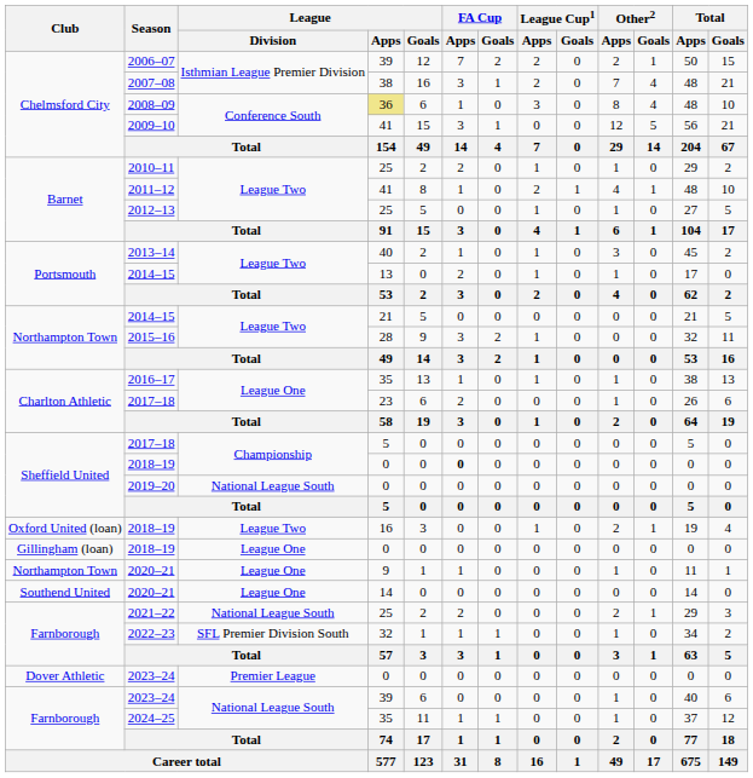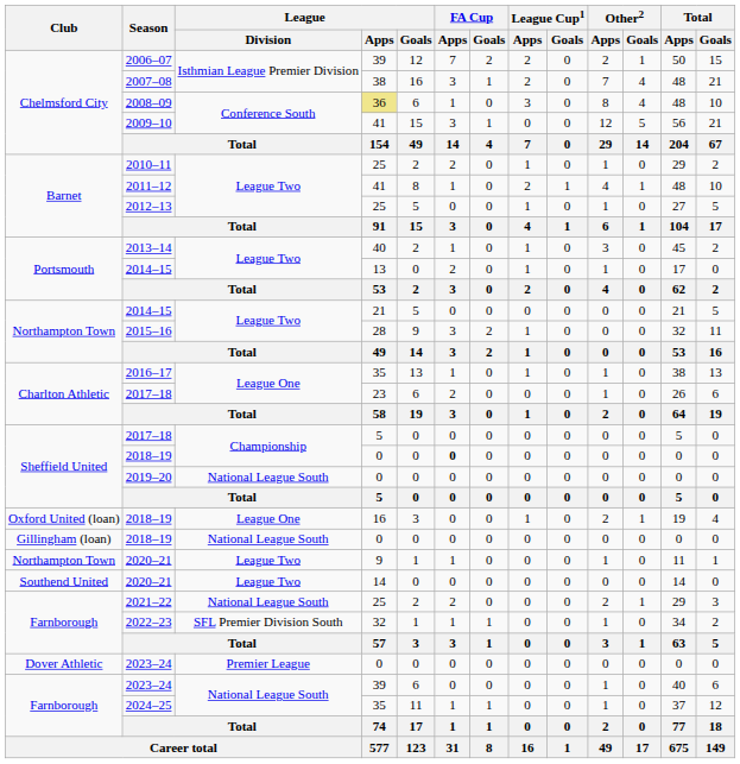 <table class="wikitable" style="text-align:center">
 <tr>
 <th rowspan="2">Club</th>
 <th rowspan="2">Season</th>
 <th colspan="3">League</th>
 <th colspan="2"><a href='#'>FA Cup</a></th>
 <th colspan="2">League Cup<sup>1</sup></th>
 <th colspan="2">Other<sup>2</sup></th>
 <th ! colspan="2">Total</th>
 </tr>
 <tr>
 <th>Division</th>
 <th>Apps</th>
 <th>Goals</th>
 <th>Apps</th>
 <th>Goals</th>
 <th>Apps</th>
 <th>Goals</th>
 <th>Apps</th>
 <th>Goals</th>
 <th>Apps</th>
 <th>Goals</th>
 </tr>
 <tr>
 <td rowspan="5"><a href='#'>Chelmsford City</a></td>
 <td><a href='#'>2006–07</a></td>
 <td rowspan="2"><a href='#'>Isthmian League</a> Premier Division</td>
 <td>39</td>
 <td>12</td>
 <td>7</td>
 <td>2</td>
 <td>2</td>
 <td>0</td>
 <td>2</td>
 <td>1</td>
 <td>50</td>
 <td>15</td>
 </tr>
 <tr>
 <td><a href='#'>2007–08</a></td>
 <td>38</td>
 <td>16</td>
 <td>3</td>
 <td>1</td>
 <td>2</td>
 <td>0</td>
 <td>7</td>
 <td>4</td>
 <td>48</td>
 <td>21</td>
 </tr>
 <tr>
 <td><a href='#'>2008–09</a></td>
 <td rowspan="2"><a href='#'>Conference South</a></td>
 <td style="background: khaki;">36</td>
 <td>6</td>
 <td>1</td>
 <td>0</td>
 <td>3</td>
 <td>0</td>
 <td>8</td>
 <td>4</td>
 <td>48</td>
 <td>10</td>
 </tr>
 <tr>
 <td><a href='#'>2009–10</a></td>
 <td>41</td>
 <td>15</td>
 <td>3</td>
 <td>1</td>
 <td>0</td>
 <td>0</td>
 <td>12</td>
 <td>5</td>
 <td>56</td>
 <td>21</td>
 </tr>
 <tr>
 <th colspan="2">Total</th>
 <th>154</th>
 <th>49</th>
 <th>14</th>
 <th>4</th>
 <th>7</th>
 <th>0</th>
 <th>29</th>
 <th>14</th>
 <th>204</th>
 <th>67</th>
 </tr>
 <tr>
 <td rowspan="4"><a href='#'>Barnet</a></td>
 <td><a href='#'>2010–11</a></td>
 <td rowspan="3"><a href='#'>League Two</a></td>
 <td>25</td>
 <td>2</td>
 <td>2</td>
 <td>0</td>
 <td>1</td>
 <td>0</td>
 <td>1</td>
 <td>0</td>
 <td>29</td>
 <td>2</td>
 </tr>
 <tr>
 <td><a href='#'>2011–12</a></td>
 <td>41</td>
 <td>8</td>
 <td>1</td>
 <td>0</td>
 <td>2</td>
 <td>1</td>
 <td>4</td>
 <td>1</td>
 <td>48</td>
 <td>10</td>
 </tr>
 <tr>
 <td><a href='#'>2012–13</a></td>
 <td>25</td>
 <td>5</td>
 <td>0</td>
 <td>0</td>
 <td>1</td>
 <td>0</td>
 <td>1</td>
 <td>0</td>
 <td>27</td>
 <td>5</td>
 </tr>
 <tr>
 <th colspan="2">Total</th>
 <th>91</th>
 <th>15</th>
 <th>3</th>
 <th>0</th>
 <th>4</th>
 <th>1</th>
 <th>6</th>
 <th>1</th>
 <th>104</th>
 <th>17</th>
 </tr>
 <tr>
 <td rowspan="3"><a href='#'>Portsmouth</a></td>
 <td><a href='#'>2013–14</a></td>
 <td rowspan="2"><a href='#'>League Two</a></td>
 <td>40</td>
 <td>2</td>
 <td>1</td>
 <td>0</td>
 <td>1</td>
 <td>0</td>
 <td>3</td>
 <td>0</td>
 <td>45</td>
 <td>2</td>
 </tr>
 <tr>
 <td><a href='#'>2014–15</a></td>
 <td>13</td>
 <td>0</td>
 <td>2</td>
 <td>0</td>
 <td>1</td>
 <td>0</td>
 <td>1</td>
 <td>0</td>
 <td>17</td>
 <td>0</td>
 </tr>
 <tr>
 <th colspan="2">Total</th>
 <th>53</th>
 <th>2</th>
 <th>3</th>
 <th>0</th>
 <th>2</th>
 <th>0</th>
 <th>4</th>
 <th>0</th>
 <th>62</th>
 <th>2</th>
 </tr>
 <tr>
 <td rowspan="3"><a href='#'>Northampton Town</a></td>
 <td><a href='#'>2014–15</a></td>
 <td rowspan="2"><a href='#'>League Two</a></td>
 <td>21</td>
 <td>5</td>
 <td>0</td>
 <td>0</td>
 <td>0</td>
 <td>0</td>
 <td>0</td>
 <td>0</td>
 <td>21</td>
 <td>5</td>
 </tr>
 <tr>
 <td><a href='#'>2015–16</a></td>
 <td>28</td>
 <td>9</td>
 <td>3</td>
 <td>2</td>
 <td>1</td>
 <td>0</td>
 <td>0</td>
 <td>0</td>
 <td>32</td>
 <td>11</td>
 </tr>
 <tr>
 <th colspan="2">Total</th>
 <th>49</th>
 <th>14</th>
 <th>3</th>
 <th>2</th>
 <th>1</th>
 <th>0</th>
 <th>0</th>
 <th>0</th>
 <th>53</th>
 <th>16</th>
 </tr>
 <tr>
 <td rowspan="3"><a href='#'>Charlton Athletic</a></td>
 <td><a href='#'>2016–17</a></td>
 <td rowspan="2"><a href='#'>League One</a></td>
 <td>35</td>
 <td>13</td>
 <td>1</td>
 <td>0</td>
 <td>1</td>
 <td>0</td>
 <td>1</td>
 <td>0</td>
 <td>38</td>
 <td>13</td>
 </tr>
 <tr>
 <td><a href='#'>2017–18</a></td>
 <td>23</td>
 <td>6</td>
 <td>2</td>
 <td>0</td>
 <td>0</td>
 <td>0</td>
 <td>1</td>
 <td>0</td>
 <td>26</td>
 <td>6</td>
 </tr>
 <tr>
 <th colspan="2">Total</th>
 <th>58</th>
 <th>19</th>
 <th>3</th>
 <th>0</th>
 <th>1</th>
 <th>0</th>
 <th>2</th>
 <th>0</th>
 <th>64</th>
 <th>19</th>
 </tr>
 <tr>
 <td rowspan="4"><a href='#'>Sheffield United</a></td>
 <td><a href='#'>2017–18</a></td>
 <td rowspan="2"><a href='#'>Championship</a></td>
 <td>5</td>
 <td>0</td>
 <td>0</td>
 <td>0</td>
 <td>0</td>
 <td>0</td>
 <td>0</td>
 <td>0</td>
 <td>5</td>
 <td>0</td>
 </tr>
 <tr>
 <td><a href='#'>2018–19</a></td>
 <td>0</td>
 <td>0</td>
 <td><strong>0</strong></td>
 <td>0</td>
 <td>0</td>
 <td>0</td>
 <td>0</td>
 <td>0</td>
 <td>0</td>
 <td>0</td>
 </tr>
 <tr>
 <td><a href='#'>2019–20</a></td>
 <td><a href='#'>National League South</a></td>
 <td>0</td>
 <td>0</td>
 <td>0</td>
 <td>0</td>
 <td>0</td>
 <td>0</td>
 <td>0</td>
 <td>0</td>
 <td>0</td>
 <td>0</td>
 </tr>
 <tr>
 <th colspan="2">Total</th>
 <th>5</th>
 <th>0</th>
 <th>0</th>
 <th>0</th>
 <th>0</th>
 <th>0</th>
 <th>0</th>
 <th>0</th>
 <th>5</th>
 <th>0</th>
 </tr>
 <tr>
 <td rowspan="1"><a href='#'>Oxford United</a> (loan)</td>
 <td><a href='#'>2018–19</a></td>
-<td><a href='#'>League Two</a></td>
+<td><a href='#'>League One</a></td>
 <td>16</td>
 <td>3</td>
 <td>0</td>
 <td>0</td>
 <td>1</td>
 <td>0</td>
 <td>2</td>
 <td>1</td>
 <td>19</td>
 <td>4</td>
 </tr>
 <tr>
 <td rowspan="1"><a href='#'>Gillingham</a> (loan)</td>
 <td><a href='#'>2018–19</a></td>
-<td><a href='#'>League One</a></td>
+<td><a href='#'>National League South</a></td>
 <td>0</td>
 <td>0</td>
 <td>0</td>
 <td>0</td>
 <td>0</td>
 <td>0</td>
 <td>0</td>
 <td>0</td>
 <td>0</td>
 <td>0</td>
 </tr>
 <tr>
 <td rowspan="1"><a href='#'>Northampton Town</a></td>
 <td><a href='#'>2020–21</a></td>
-<td><a href='#'>League One</a></td>
+<td><a href='#'>League Two</a></td>
 <td>9</td>
 <td>1</td>
 <td>1</td>
 <td>0</td>
 <td>0</td>
 <td>0</td>
 <td>1</td>
 <td>0</td>
 <td>11</td>
 <td>1</td>
 </tr>
 <tr>
 <td rowspan="1"><a href='#'>Southend United</a></td>
 <td><a href='#'>2020–21</a></td>
-<td><a href='#'>League One</a></td>
+<td><a href='#'>League Two</a></td>
 <td>14</td>
 <td>0</td>
 <td>0</td>
 <td>0</td>
 <td>0</td>
 <td>0</td>
 <td>0</td>
 <td>0</td>
 <td>14</td>
 <td>0</td>
 </tr>
 <tr>
 <td rowspan="3"><a href='#'>Farnborough</a></td>
 <td><a href='#'>2021–22</a></td>
 <td><a href='#'>National League South</a></td>
 <td>25</td>
 <td>2</td>
 <td>2</td>
 <td>0</td>
 <td>0</td>
 <td>0</td>
 <td>2</td>
 <td>1</td>
 <td>29</td>
 <td>3</td>
 </tr>
 <tr>
 <td><a href='#'>2022–23</a></td>
 <td><a href='#'>SFL</a> Premier Division South</td>
 <td>32</td>
 <td>1</td>
 <td>1</td>
 <td>1</td>
 <td>0</td>
 <td>0</td>
 <td>1</td>
 <td>0</td>
 <td>34</td>
 <td>2</td>
 </tr>
 <tr>
 <th colspan="2">Total</th>
 <th>57</th>
 <th>3</th>
 <th>3</th>
 <th>1</th>
 <th>0</th>
 <th>0</th>
 <th>3</th>
 <th>1</th>
 <th>63</th>
 <th>5</th>
 </tr>
 <tr>
 <td><a href='#'>Dover Athletic</a></td>
 <td><a href='#'>2023–24</a></td>
 <td><a href='#'>Premier League</a></td>
 <td>0</td>
 <td>0</td>
 <td>0</td>
 <td>0</td>
 <td>0</td>
 <td>0</td>
 <td>0</td>
 <td>0</td>
 <td>0</td>
 <td>0</td>
 </tr>
 <tr>
 <td rowspan="3"><a href='#'>Farnborough</a></td>
 <td><a href='#'>2023–24</a></td>
 <td rowspan="2"><a href='#'>National League South</a></td>
 <td>39</td>
 <td>6</td>
 <td>0</td>
 <td>0</td>
 <td>0</td>
 <td>0</td>
 <td>1</td>
 <td>0</td>
 <td>40</td>
 <td>6</td>
 </tr>
 <tr>
 <td><a href='#'>2024–25</a></td>
 <td>35</td>
 <td>11</td>
 <td>1</td>
 <td>1</td>
 <td>0</td>
 <td>0</td>
 <td>1</td>
 <td>0</td>
 <td>37</td>
 <td>12</td>
 </tr>
 <tr>
 <th colspan="2">Total</th>
 <th>74</th>
 <th>17</th>
 <th>1</th>
 <th>1</th>
 <th>0</th>
 <th>0</th>
 <th>2</th>
 <th>0</th>
 <th>77</th>
 <th>18</th>
 </tr>
 <tr>
 <th colspan="3">Career total</th>
 <th>577</th>
 <th>123</th>
 <th>31</th>
 <th>8</th>
 <th>16</th>
 <th>1</th>
 <th>49</th>
 <th>17</th>
 <th>675</th>
 <th>149</th>
 </tr>
 </table>
